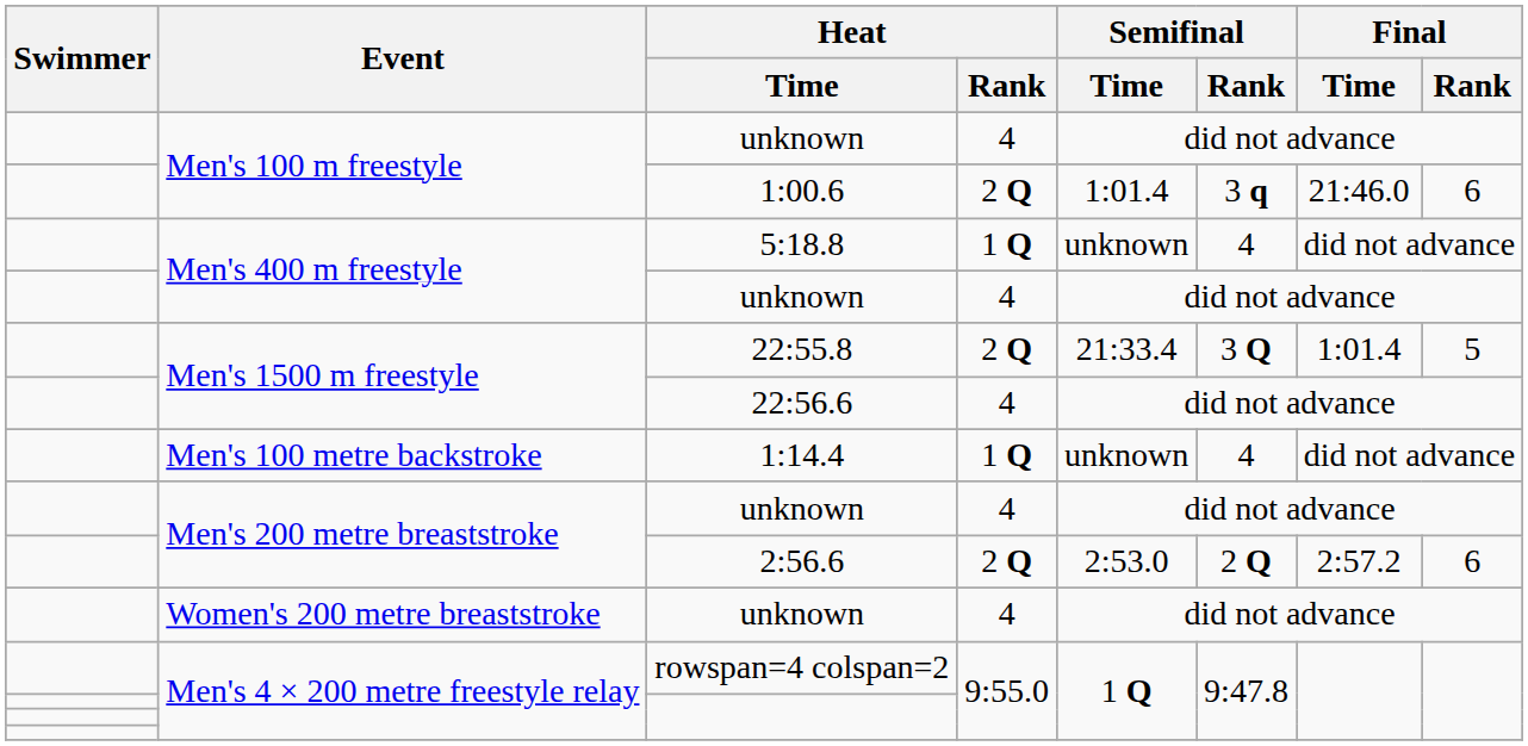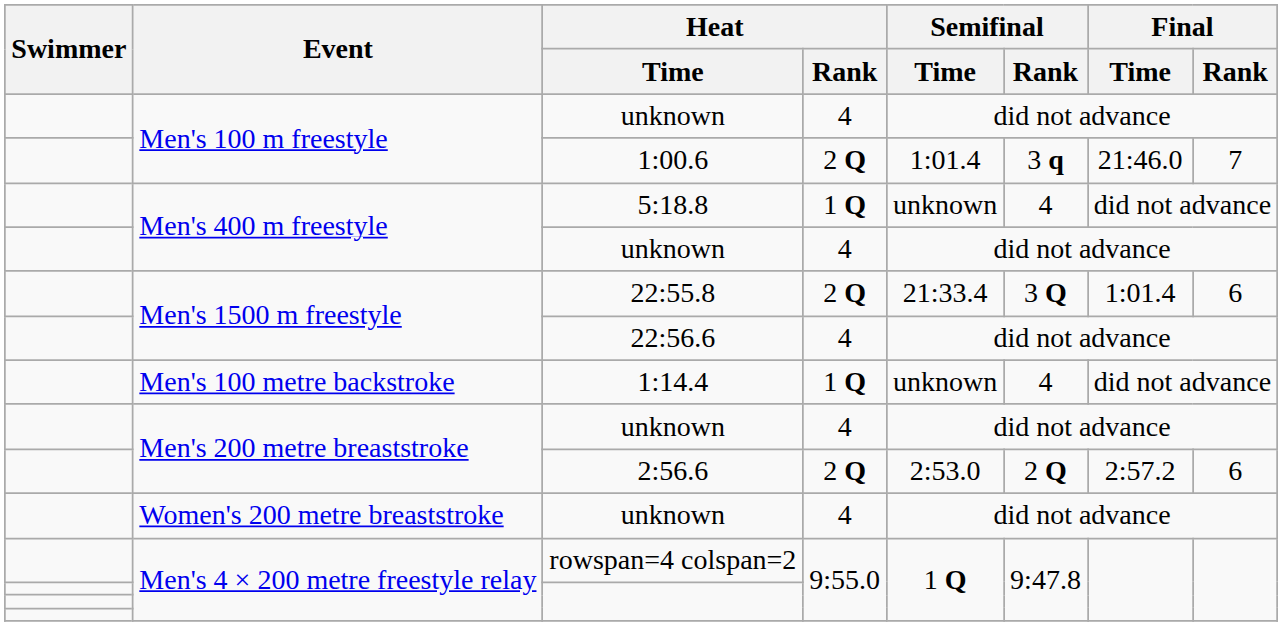 <table class="wikitable sortable" style=text-align:center>
 <tr>
 <th rowspan=2>Swimmer</th>
 <th rowspan=2>Event</th>
 <th colspan=2>Heat</th>
 <th colspan=2>Semifinal</th>
 <th colspan=2>Final</th>
 </tr>
 <tr>
 <th>Time</th>
 <th>Rank</th>
 <th>Time</th>
 <th>Rank</th>
 <th>Time</th>
 <th>Rank</th>
 </tr>
 <tr>
 <td align=left></td>
 <td align=left rowspan=2><a href='#'>Men's 100 m freestyle</a></td>
 <td>unknown</td>
 <td>4</td>
 <td colspan=4>did not advance</td>
 </tr>
 <tr>
 <td align=left></td>
 <td>1:00.6</td>
 <td>2 <strong>Q</strong></td>
 <td>1:01.4</td>
 <td>3 <strong>q</strong></td>
 <td>21:46.0</td>
-<td>6</td>
+<td>7</td>
 </tr>
 <tr>
 <td align=left></td>
 <td align=left rowspan=2><a href='#'>Men's 400 m freestyle</a></td>
 <td>5:18.8</td>
 <td>1 <strong>Q</strong></td>
 <td>unknown</td>
 <td>4</td>
 <td colspan=2>did not advance</td>
 </tr>
 <tr>
 <td align=left></td>
 <td>unknown</td>
 <td>4</td>
 <td colspan=4>did not advance</td>
 </tr>
 <tr>
 <td align=left></td>
 <td align=left rowspan=2><a href='#'>Men's 1500 m freestyle</a></td>
 <td>22:55.8</td>
 <td>2 <strong>Q</strong></td>
 <td>21:33.4</td>
 <td>3 <strong>Q</strong></td>
 <td>1:01.4</td>
-<td>5</td>
+<td>6</td>
 </tr>
 <tr>
 <td align=left></td>
 <td>22:56.6</td>
 <td>4</td>
 <td colspan=4>did not advance</td>
 </tr>
 <tr>
 <td align=left></td>
 <td align=left><a href='#'>Men's 100 metre backstroke</a></td>
 <td>1:14.4</td>
 <td>1 <strong>Q</strong></td>
 <td>unknown</td>
 <td>4</td>
 <td colspan=2>did not advance</td>
 </tr>
 <tr>
 <td align=left></td>
 <td align=left rowspan=2><a href='#'>Men's 200 metre breaststroke</a></td>
 <td>unknown</td>
 <td>4</td>
 <td colspan=4>did not advance</td>
 </tr>
 <tr>
 <td align=left></td>
 <td>2:56.6</td>
 <td>2 <strong>Q</strong></td>
 <td>2:53.0</td>
 <td>2 <strong>Q</strong></td>
 <td>2:57.2</td>
 <td>6</td>
 </tr>
 <tr>
 <td align=left></td>
 <td align=left><a href='#'>Women's 200 metre breaststroke</a></td>
 <td>unknown</td>
 <td>4</td>
 <td colspan=4>did not advance</td>
 </tr>
 <tr>
 <td align=left><strong></strong></td>
 <td align=left rowspan=4><a href='#'>Men's 4 × 200 metre freestyle relay</a></td>
 <td>rowspan=4 colspan=2 </td>
 <td rowspan=4>9:55.0</td>
 <td rowspan=4>1 <strong>Q</strong></td>
 <td rowspan=4>9:47.8</td>
 <td rowspan=4></td>
 </tr>
 <tr>
 <td align=left><strong></strong></td>
 </tr>
 <tr>
 <td align=left><strong></strong></td>
 </tr>
 <tr>
 <td align=left><strong></strong></td>
 </tr>
 </table>
